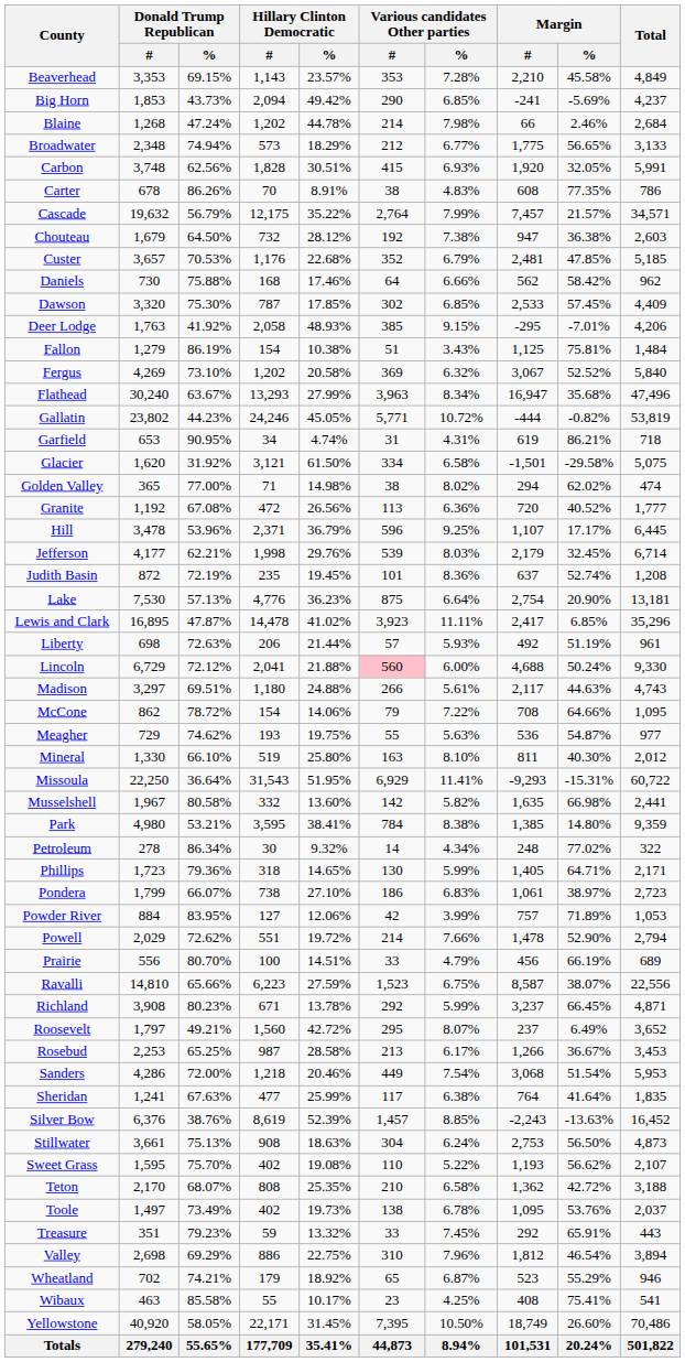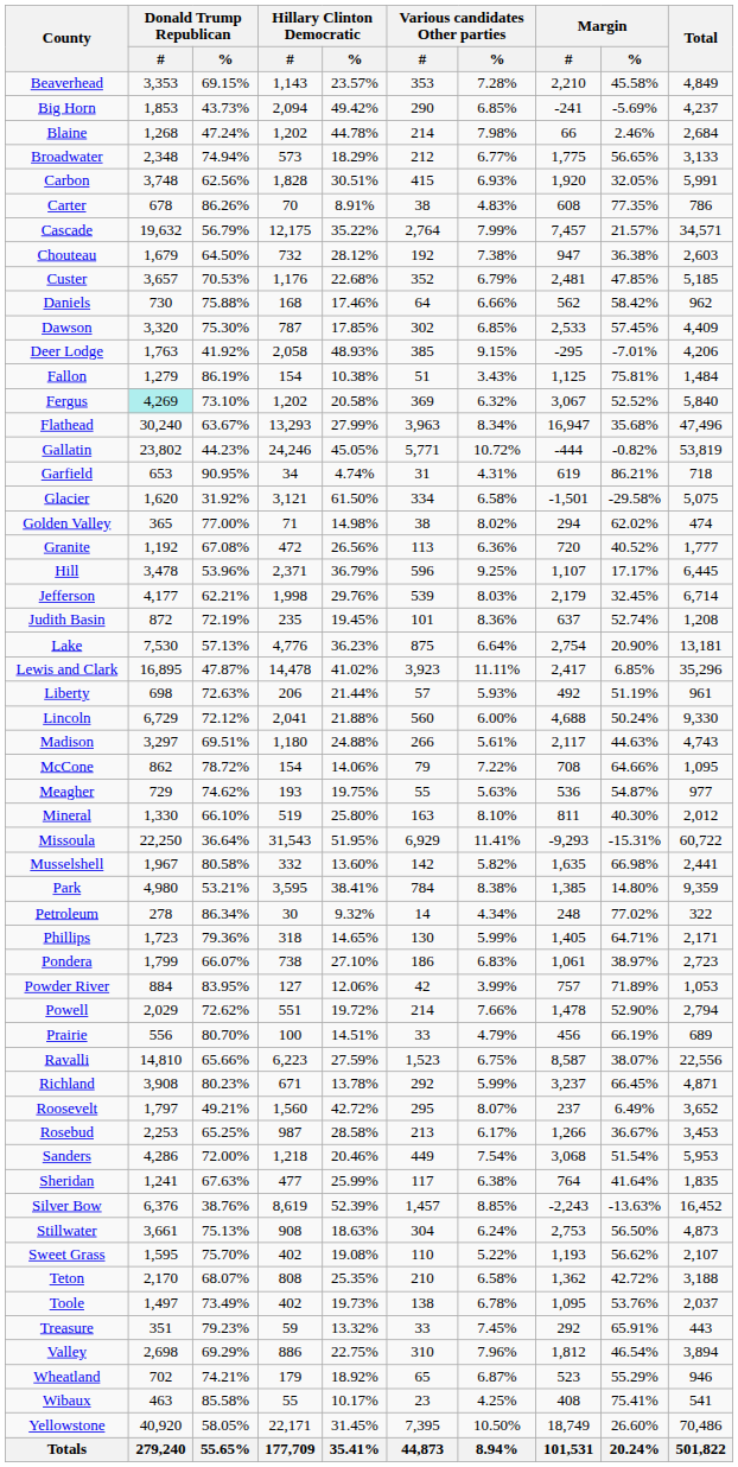 <table width="60%" class="wikitable sortable">
 <tr>
 <th rowspan="2">County</th>
 <th colspan="2">Donald Trump<br>Republican</th>
 <th colspan="2">Hillary Clinton<br>Democratic</th>
 <th colspan="2">Various candidates<br>Other parties</th>
 <th colspan="2">Margin</th>
 <th rowspan="2">Total</th>
 </tr>
 <tr>
 <th style="text-align:center;" data-sort-type="number">#</th>
 <th style="text-align:center;" data-sort-type="number">%</th>
 <th style="text-align:center;" data-sort-type="number">#</th>
 <th style="text-align:center;" data-sort-type="number">%</th>
 <th style="text-align:center;" data-sort-type="number">#</th>
 <th style="text-align:center;" data-sort-type="number">%</th>
 <th style="text-align:center;" data-sort-type="number">#</th>
 <th style="text-align:center;" data-sort-type="number">%</th>
 </tr>
 <tr style="text-align:center;">
 <td><a href='#'>Beaverhead</a></td>
 <td>3,353</td>
 <td>69.15%</td>
 <td>1,143</td>
 <td>23.57%</td>
 <td>353</td>
 <td>7.28%</td>
 <td>2,210</td>
 <td>45.58%</td>
 <td>4,849</td>
 </tr>
 <tr style="text-align:center;">
 <td><a href='#'>Big Horn</a></td>
 <td>1,853</td>
 <td>43.73%</td>
 <td>2,094</td>
 <td>49.42%</td>
 <td>290</td>
 <td>6.85%</td>
 <td>-241</td>
 <td>-5.69%</td>
 <td>4,237</td>
 </tr>
 <tr style="text-align:center;">
 <td><a href='#'>Blaine</a></td>
 <td>1,268</td>
 <td>47.24%</td>
 <td>1,202</td>
 <td>44.78%</td>
 <td>214</td>
 <td>7.98%</td>
 <td>66</td>
 <td>2.46%</td>
 <td>2,684</td>
 </tr>
 <tr style="text-align:center;">
 <td><a href='#'>Broadwater</a></td>
 <td>2,348</td>
 <td>74.94%</td>
 <td>573</td>
 <td>18.29%</td>
 <td>212</td>
 <td>6.77%</td>
 <td>1,775</td>
 <td>56.65%</td>
 <td>3,133</td>
 </tr>
 <tr style="text-align:center;">
 <td><a href='#'>Carbon</a></td>
 <td>3,748</td>
 <td>62.56%</td>
 <td>1,828</td>
 <td>30.51%</td>
 <td>415</td>
 <td>6.93%</td>
 <td>1,920</td>
 <td>32.05%</td>
 <td>5,991</td>
 </tr>
 <tr style="text-align:center;">
 <td><a href='#'>Carter</a></td>
 <td>678</td>
 <td>86.26%</td>
 <td>70</td>
 <td>8.91%</td>
 <td>38</td>
 <td>4.83%</td>
 <td>608</td>
 <td>77.35%</td>
 <td>786</td>
 </tr>
 <tr style="text-align:center;">
 <td><a href='#'>Cascade</a></td>
 <td>19,632</td>
 <td>56.79%</td>
 <td>12,175</td>
 <td>35.22%</td>
 <td>2,764</td>
 <td>7.99%</td>
 <td>7,457</td>
 <td>21.57%</td>
 <td>34,571</td>
 </tr>
 <tr style="text-align:center;">
 <td><a href='#'>Chouteau</a></td>
 <td>1,679</td>
 <td>64.50%</td>
 <td>732</td>
 <td>28.12%</td>
 <td>192</td>
 <td>7.38%</td>
 <td>947</td>
 <td>36.38%</td>
 <td>2,603</td>
 </tr>
 <tr style="text-align:center;">
 <td><a href='#'>Custer</a></td>
 <td>3,657</td>
 <td>70.53%</td>
 <td>1,176</td>
 <td>22.68%</td>
 <td>352</td>
 <td>6.79%</td>
 <td>2,481</td>
 <td>47.85%</td>
 <td>5,185</td>
 </tr>
 <tr style="text-align:center;">
 <td><a href='#'>Daniels</a></td>
 <td>730</td>
 <td>75.88%</td>
 <td>168</td>
 <td>17.46%</td>
 <td>64</td>
 <td>6.66%</td>
 <td>562</td>
 <td>58.42%</td>
 <td>962</td>
 </tr>
 <tr style="text-align:center;">
 <td><a href='#'>Dawson</a></td>
 <td>3,320</td>
 <td>75.30%</td>
 <td>787</td>
 <td>17.85%</td>
 <td>302</td>
 <td>6.85%</td>
 <td>2,533</td>
 <td>57.45%</td>
 <td>4,409</td>
 </tr>
 <tr style="text-align:center;">
 <td><a href='#'>Deer Lodge</a></td>
 <td>1,763</td>
 <td>41.92%</td>
 <td>2,058</td>
 <td>48.93%</td>
 <td>385</td>
 <td>9.15%</td>
 <td>-295</td>
 <td>-7.01%</td>
 <td>4,206</td>
 </tr>
 <tr style="text-align:center;">
 <td><a href='#'>Fallon</a></td>
 <td>1,279</td>
 <td>86.19%</td>
 <td>154</td>
 <td>10.38%</td>
 <td>51</td>
 <td>3.43%</td>
 <td>1,125</td>
 <td>75.81%</td>
 <td>1,484</td>
 </tr>
 <tr style="text-align:center;">
 <td><a href='#'>Fergus</a></td>
-<td>4,269</td>
+<td style="background: paleturquoise;">4,269</td>
 <td>73.10%</td>
 <td>1,202</td>
 <td>20.58%</td>
 <td>369</td>
 <td>6.32%</td>
 <td>3,067</td>
 <td>52.52%</td>
 <td>5,840</td>
 </tr>
 <tr style="text-align:center;">
 <td><a href='#'>Flathead</a></td>
 <td>30,240</td>
 <td>63.67%</td>
 <td>13,293</td>
 <td>27.99%</td>
 <td>3,963</td>
 <td>8.34%</td>
 <td>16,947</td>
 <td>35.68%</td>
 <td>47,496</td>
 </tr>
 <tr style="text-align:center;">
 <td><a href='#'>Gallatin</a></td>
 <td>23,802</td>
 <td>44.23%</td>
 <td>24,246</td>
 <td>45.05%</td>
 <td>5,771</td>
 <td>10.72%</td>
 <td>-444</td>
 <td>-0.82%</td>
 <td>53,819</td>
 </tr>
 <tr style="text-align:center;">
 <td><a href='#'>Garfield</a></td>
 <td>653</td>
 <td>90.95%</td>
 <td>34</td>
 <td>4.74%</td>
 <td>31</td>
 <td>4.31%</td>
 <td>619</td>
 <td>86.21%</td>
 <td>718</td>
 </tr>
 <tr style="text-align:center;">
 <td><a href='#'>Glacier</a></td>
 <td>1,620</td>
 <td>31.92%</td>
 <td>3,121</td>
 <td>61.50%</td>
 <td>334</td>
 <td>6.58%</td>
 <td>-1,501</td>
 <td>-29.58%</td>
 <td>5,075</td>
 </tr>
 <tr style="text-align:center;">
 <td><a href='#'>Golden Valley</a></td>
 <td>365</td>
 <td>77.00%</td>
 <td>71</td>
 <td>14.98%</td>
 <td>38</td>
 <td>8.02%</td>
 <td>294</td>
 <td>62.02%</td>
 <td>474</td>
 </tr>
 <tr style="text-align:center;">
 <td><a href='#'>Granite</a></td>
 <td>1,192</td>
 <td>67.08%</td>
 <td>472</td>
 <td>26.56%</td>
 <td>113</td>
 <td>6.36%</td>
 <td>720</td>
 <td>40.52%</td>
 <td>1,777</td>
 </tr>
 <tr style="text-align:center;">
 <td><a href='#'>Hill</a></td>
 <td>3,478</td>
 <td>53.96%</td>
 <td>2,371</td>
 <td>36.79%</td>
 <td>596</td>
 <td>9.25%</td>
 <td>1,107</td>
 <td>17.17%</td>
 <td>6,445</td>
 </tr>
 <tr style="text-align:center;">
 <td><a href='#'>Jefferson</a></td>
 <td>4,177</td>
 <td>62.21%</td>
 <td>1,998</td>
 <td>29.76%</td>
 <td>539</td>
 <td>8.03%</td>
 <td>2,179</td>
 <td>32.45%</td>
 <td>6,714</td>
 </tr>
 <tr style="text-align:center;">
 <td><a href='#'>Judith Basin</a></td>
 <td>872</td>
 <td>72.19%</td>
 <td>235</td>
 <td>19.45%</td>
 <td>101</td>
 <td>8.36%</td>
 <td>637</td>
 <td>52.74%</td>
 <td>1,208</td>
 </tr>
 <tr style="text-align:center;">
 <td><a href='#'>Lake</a></td>
 <td>7,530</td>
 <td>57.13%</td>
 <td>4,776</td>
 <td>36.23%</td>
 <td>875</td>
 <td>6.64%</td>
 <td>2,754</td>
 <td>20.90%</td>
 <td>13,181</td>
 </tr>
 <tr style="text-align:center;">
 <td><a href='#'>Lewis and Clark</a></td>
 <td>16,895</td>
 <td>47.87%</td>
 <td>14,478</td>
 <td>41.02%</td>
 <td>3,923</td>
 <td>11.11%</td>
 <td>2,417</td>
 <td>6.85%</td>
 <td>35,296</td>
 </tr>
 <tr style="text-align:center;">
 <td><a href='#'>Liberty</a></td>
 <td>698</td>
 <td>72.63%</td>
 <td>206</td>
 <td>21.44%</td>
 <td>57</td>
 <td>5.93%</td>
 <td>492</td>
 <td>51.19%</td>
 <td>961</td>
 </tr>
 <tr style="text-align:center;">
 <td><a href='#'>Lincoln</a></td>
 <td>6,729</td>
 <td>72.12%</td>
 <td>2,041</td>
 <td>21.88%</td>
-<td style="background: pink;">560</td>
+<td>560</td>
 <td>6.00%</td>
 <td>4,688</td>
 <td>50.24%</td>
 <td>9,330</td>
 </tr>
 <tr style="text-align:center;">
 <td><a href='#'>Madison</a></td>
 <td>3,297</td>
 <td>69.51%</td>
 <td>1,180</td>
 <td>24.88%</td>
 <td>266</td>
 <td>5.61%</td>
 <td>2,117</td>
 <td>44.63%</td>
 <td>4,743</td>
 </tr>
 <tr style="text-align:center;">
 <td><a href='#'>McCone</a></td>
 <td>862</td>
 <td>78.72%</td>
 <td>154</td>
 <td>14.06%</td>
 <td>79</td>
 <td>7.22%</td>
 <td>708</td>
 <td>64.66%</td>
 <td>1,095</td>
 </tr>
 <tr style="text-align:center;">
 <td><a href='#'>Meagher</a></td>
 <td>729</td>
 <td>74.62%</td>
 <td>193</td>
 <td>19.75%</td>
 <td>55</td>
 <td>5.63%</td>
 <td>536</td>
 <td>54.87%</td>
 <td>977</td>
 </tr>
 <tr style="text-align:center;">
 <td><a href='#'>Mineral</a></td>
 <td>1,330</td>
 <td>66.10%</td>
 <td>519</td>
 <td>25.80%</td>
 <td>163</td>
 <td>8.10%</td>
 <td>811</td>
 <td>40.30%</td>
 <td>2,012</td>
 </tr>
 <tr style="text-align:center;">
 <td><a href='#'>Missoula</a></td>
 <td>22,250</td>
 <td>36.64%</td>
 <td>31,543</td>
 <td>51.95%</td>
 <td>6,929</td>
 <td>11.41%</td>
 <td>-9,293</td>
 <td>-15.31%</td>
 <td>60,722</td>
 </tr>
 <tr style="text-align:center;">
 <td><a href='#'>Musselshell</a></td>
 <td>1,967</td>
 <td>80.58%</td>
 <td>332</td>
 <td>13.60%</td>
 <td>142</td>
 <td>5.82%</td>
 <td>1,635</td>
 <td>66.98%</td>
 <td>2,441</td>
 </tr>
 <tr style="text-align:center;">
 <td><a href='#'>Park</a></td>
 <td>4,980</td>
 <td>53.21%</td>
 <td>3,595</td>
 <td>38.41%</td>
 <td>784</td>
 <td>8.38%</td>
 <td>1,385</td>
 <td>14.80%</td>
 <td>9,359</td>
 </tr>
 <tr style="text-align:center;">
 <td><a href='#'>Petroleum</a></td>
 <td>278</td>
 <td>86.34%</td>
 <td>30</td>
 <td>9.32%</td>
 <td>14</td>
 <td>4.34%</td>
 <td>248</td>
 <td>77.02%</td>
 <td>322</td>
 </tr>
 <tr style="text-align:center;">
 <td><a href='#'>Phillips</a></td>
 <td>1,723</td>
 <td>79.36%</td>
 <td>318</td>
 <td>14.65%</td>
 <td>130</td>
 <td>5.99%</td>
 <td>1,405</td>
 <td>64.71%</td>
 <td>2,171</td>
 </tr>
 <tr style="text-align:center;">
 <td><a href='#'>Pondera</a></td>
 <td>1,799</td>
 <td>66.07%</td>
 <td>738</td>
 <td>27.10%</td>
 <td>186</td>
 <td>6.83%</td>
 <td>1,061</td>
 <td>38.97%</td>
 <td>2,723</td>
 </tr>
 <tr style="text-align:center;">
 <td><a href='#'>Powder River</a></td>
 <td>884</td>
 <td>83.95%</td>
 <td>127</td>
 <td>12.06%</td>
 <td>42</td>
 <td>3.99%</td>
 <td>757</td>
 <td>71.89%</td>
 <td>1,053</td>
 </tr>
 <tr style="text-align:center;">
 <td><a href='#'>Powell</a></td>
 <td>2,029</td>
 <td>72.62%</td>
 <td>551</td>
 <td>19.72%</td>
 <td>214</td>
 <td>7.66%</td>
 <td>1,478</td>
 <td>52.90%</td>
 <td>2,794</td>
 </tr>
 <tr style="text-align:center;">
 <td><a href='#'>Prairie</a></td>
 <td>556</td>
 <td>80.70%</td>
 <td>100</td>
 <td>14.51%</td>
 <td>33</td>
 <td>4.79%</td>
 <td>456</td>
 <td>66.19%</td>
 <td>689</td>
 </tr>
 <tr style="text-align:center;">
 <td><a href='#'>Ravalli</a></td>
 <td>14,810</td>
 <td>65.66%</td>
 <td>6,223</td>
 <td>27.59%</td>
 <td>1,523</td>
 <td>6.75%</td>
 <td>8,587</td>
 <td>38.07%</td>
 <td>22,556</td>
 </tr>
 <tr style="text-align:center;">
 <td><a href='#'>Richland</a></td>
 <td>3,908</td>
 <td>80.23%</td>
 <td>671</td>
 <td>13.78%</td>
 <td>292</td>
 <td>5.99%</td>
 <td>3,237</td>
 <td>66.45%</td>
 <td>4,871</td>
 </tr>
 <tr style="text-align:center;">
 <td><a href='#'>Roosevelt</a></td>
 <td>1,797</td>
 <td>49.21%</td>
 <td>1,560</td>
 <td>42.72%</td>
 <td>295</td>
 <td>8.07%</td>
 <td>237</td>
 <td>6.49%</td>
 <td>3,652</td>
 </tr>
 <tr style="text-align:center;">
 <td><a href='#'>Rosebud</a></td>
 <td>2,253</td>
 <td>65.25%</td>
 <td>987</td>
 <td>28.58%</td>
 <td>213</td>
 <td>6.17%</td>
 <td>1,266</td>
 <td>36.67%</td>
 <td>3,453</td>
 </tr>
 <tr style="text-align:center;">
 <td><a href='#'>Sanders</a></td>
 <td>4,286</td>
 <td>72.00%</td>
 <td>1,218</td>
 <td>20.46%</td>
 <td>449</td>
 <td>7.54%</td>
 <td>3,068</td>
 <td>51.54%</td>
 <td>5,953</td>
 </tr>
 <tr style="text-align:center;">
 <td><a href='#'>Sheridan</a></td>
 <td>1,241</td>
 <td>67.63%</td>
 <td>477</td>
 <td>25.99%</td>
 <td>117</td>
 <td>6.38%</td>
 <td>764</td>
 <td>41.64%</td>
 <td>1,835</td>
 </tr>
 <tr style="text-align:center;">
 <td><a href='#'>Silver Bow</a></td>
 <td>6,376</td>
 <td>38.76%</td>
 <td>8,619</td>
 <td>52.39%</td>
 <td>1,457</td>
 <td>8.85%</td>
 <td>-2,243</td>
 <td>-13.63%</td>
 <td>16,452</td>
 </tr>
 <tr style="text-align:center;">
 <td><a href='#'>Stillwater</a></td>
 <td>3,661</td>
 <td>75.13%</td>
 <td>908</td>
 <td>18.63%</td>
 <td>304</td>
 <td>6.24%</td>
 <td>2,753</td>
 <td>56.50%</td>
 <td>4,873</td>
 </tr>
 <tr style="text-align:center;">
 <td><a href='#'>Sweet Grass</a></td>
 <td>1,595</td>
 <td>75.70%</td>
 <td>402</td>
 <td>19.08%</td>
 <td>110</td>
 <td>5.22%</td>
 <td>1,193</td>
 <td>56.62%</td>
 <td>2,107</td>
 </tr>
 <tr style="text-align:center;">
 <td><a href='#'>Teton</a></td>
 <td>2,170</td>
 <td>68.07%</td>
 <td>808</td>
 <td>25.35%</td>
 <td>210</td>
 <td>6.58%</td>
 <td>1,362</td>
 <td>42.72%</td>
 <td>3,188</td>
 </tr>
 <tr style="text-align:center;">
 <td><a href='#'>Toole</a></td>
 <td>1,497</td>
 <td>73.49%</td>
 <td>402</td>
 <td>19.73%</td>
 <td>138</td>
 <td>6.78%</td>
 <td>1,095</td>
 <td>53.76%</td>
 <td>2,037</td>
 </tr>
 <tr style="text-align:center;">
 <td><a href='#'>Treasure</a></td>
 <td>351</td>
 <td>79.23%</td>
 <td>59</td>
 <td>13.32%</td>
 <td>33</td>
 <td>7.45%</td>
 <td>292</td>
 <td>65.91%</td>
 <td>443</td>
 </tr>
 <tr style="text-align:center;">
 <td><a href='#'>Valley</a></td>
 <td>2,698</td>
 <td>69.29%</td>
 <td>886</td>
 <td>22.75%</td>
 <td>310</td>
 <td>7.96%</td>
 <td>1,812</td>
 <td>46.54%</td>
 <td>3,894</td>
 </tr>
 <tr style="text-align:center;">
 <td><a href='#'>Wheatland</a></td>
 <td>702</td>
 <td>74.21%</td>
 <td>179</td>
 <td>18.92%</td>
 <td>65</td>
 <td>6.87%</td>
 <td>523</td>
 <td>55.29%</td>
 <td>946</td>
 </tr>
 <tr style="text-align:center;">
 <td><a href='#'>Wibaux</a></td>
 <td>463</td>
 <td>85.58%</td>
 <td>55</td>
 <td>10.17%</td>
 <td>23</td>
 <td>4.25%</td>
 <td>408</td>
 <td>75.41%</td>
 <td>541</td>
 </tr>
 <tr style="text-align:center;">
 <td><a href='#'>Yellowstone</a></td>
 <td>40,920</td>
 <td>58.05%</td>
 <td>22,171</td>
 <td>31.45%</td>
 <td>7,395</td>
 <td>10.50%</td>
 <td>18,749</td>
 <td>26.60%</td>
 <td>70,486</td>
 </tr>
 <tr>
 <th>Totals</th>
 <th>279,240</th>
 <th>55.65%</th>
 <th>177,709</th>
 <th>35.41%</th>
 <th>44,873</th>
 <th>8.94%</th>
 <th>101,531</th>
 <th>20.24%</th>
 <th>501,822</th>
 </tr>
 </table>
